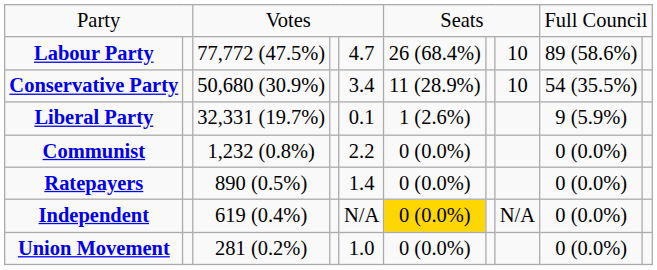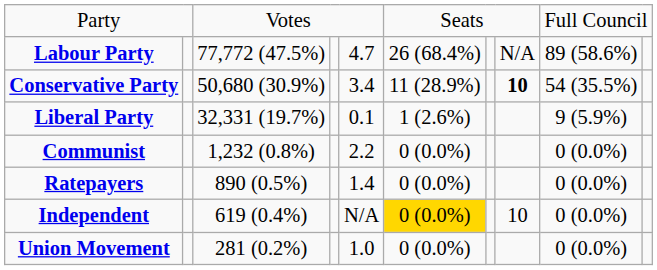 <table class=wikitable style="text-align:center;">
 <tr>
 <td colspan=2>Party</td>
 <td colspan=3>Votes</td>
 <td colspan=3>Seats</td>
 <td colspan=3>Full Council</td>
 </tr>
 <tr>
 <td><strong><a href='#'>Labour Party</a></strong></td>
 <td style="background:"></td>
 <td>77,772 (47.5%)</td>
 <td></td>
 <td> 4.7</td>
 <td>26 (68.4%)</td>
 <td></td>
-<td> 10</td>
+<td>N/A</td>
 <td>89 (58.6%)</td>
 <td></td>
 </tr>
 <tr>
 <td><strong><a href='#'>Conservative Party</a></strong></td>
 <td style="background:"></td>
 <td>50,680 (30.9%)</td>
 <td></td>
 <td> 3.4</td>
 <td>11 (28.9%)</td>
 <td></td>
-<td> 10</td>
+<td><strong> 10</strong></td>
 <td>54 (35.5%)</td>
 <td></td>
 </tr>
 <tr>
 <td><strong><a href='#'>Liberal Party</a></strong></td>
 <td style="background:"></td>
 <td>32,331 (19.7%)</td>
 <td></td>
 <td> 0.1</td>
 <td>1 (2.6%)</td>
 <td></td>
 <td></td>
 <td>9 (5.9%)</td>
 <td></td>
 </tr>
 <tr>
 <td><strong><a href='#'>Communist</a></strong></td>
 <td style="background:"></td>
 <td>1,232 (0.8%)</td>
 <td></td>
 <td> 2.2</td>
 <td>0 (0.0%)</td>
 <td></td>
 <td></td>
 <td>0 (0.0%)</td>
 <td></td>
 </tr>
 <tr>
 <td><strong><a href='#'>Ratepayers</a></strong></td>
 <td style="background:"></td>
 <td>890 (0.5%)</td>
 <td></td>
 <td> 1.4</td>
 <td>0 (0.0%)</td>
 <td></td>
 <td></td>
 <td>0 (0.0%)</td>
 <td></td>
 </tr>
 <tr>
 <td><strong><a href='#'>Independent</a></strong></td>
 <td style="background:"></td>
 <td>619 (0.4%)</td>
 <td></td>
 <td>N/A</td>
 <td style="background: gold;">0 (0.0%)</td>
 <td></td>
-<td>N/A</td>
+<td> 10</td>
 <td>0 (0.0%)</td>
 <td></td>
 </tr>
 <tr>
 <td><strong><a href='#'>Union Movement</a></strong></td>
 <td style="background:"></td>
 <td>281 (0.2%)</td>
 <td></td>
 <td> 1.0</td>
 <td>0 (0.0%)</td>
 <td></td>
 <td></td>
 <td>0 (0.0%)</td>
 <td></td>
 </tr>
 </table>
